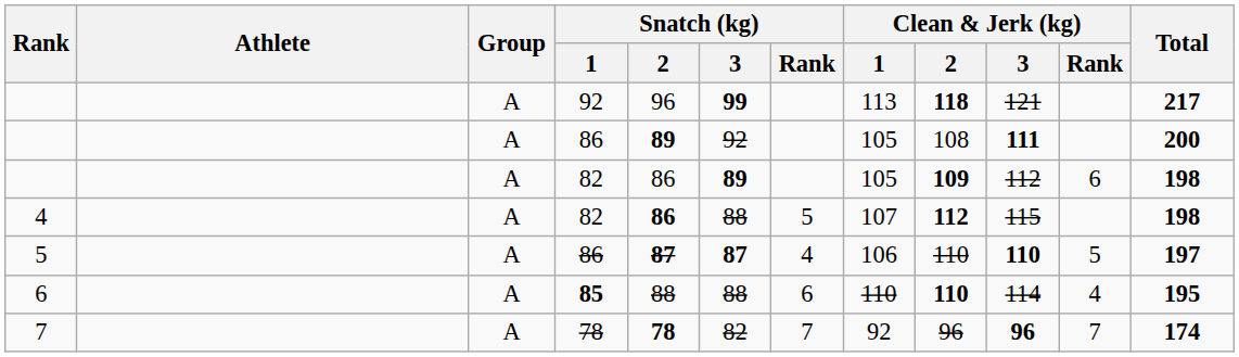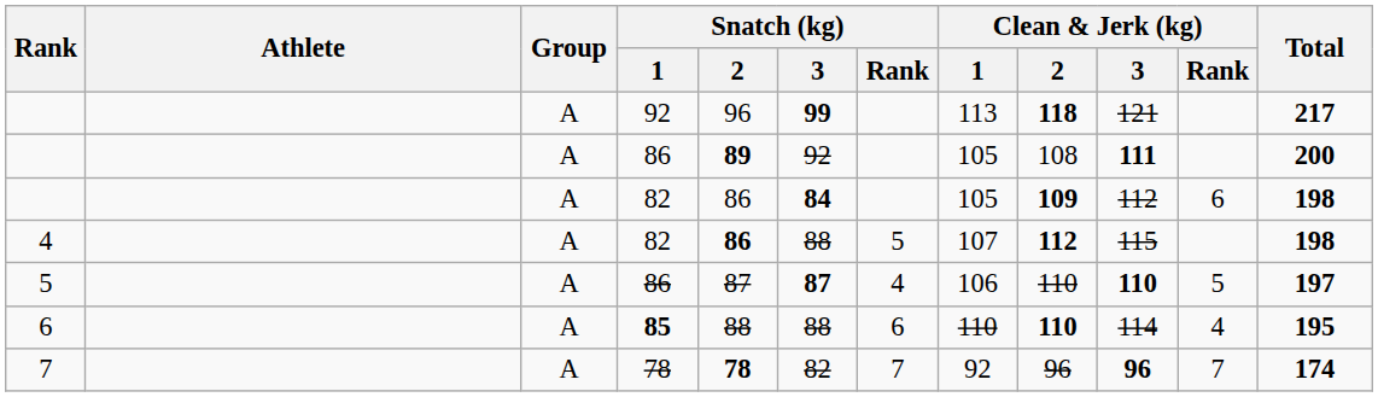 <table class = "wikitable" style="text-align:center;">
 <tr>
 <th rowspan=2 width=40>Rank</th>
 <th rowspan=2 width=250>Athlete</th>
 <th rowspan=2 width=50>Group</th>
 <th colspan=4>Snatch (kg)</th>
 <th colspan=4>Clean & Jerk (kg)</th>
 <th rowspan=2 width=60>Total</th>
 </tr>
 <tr>
 <th width=40>1</th>
 <th width=40>2</th>
 <th width=40>3</th>
 <th width=40>Rank</th>
 <th width=40>1</th>
 <th width=40>2</th>
 <th width=40>3</th>
 <th width=40>Rank</th>
 </tr>
 <tr>
 <td></td>
 <td align=left></td>
 <td>A</td>
 <td>92</td>
 <td>96</td>
 <td><strong>99</strong></td>
 <td></td>
 <td>113</td>
 <td><strong>118</strong></td>
 <td><s>121</s></td>
 <td></td>
 <td><strong>217</strong></td>
 </tr>
 <tr>
 <td></td>
 <td align=left></td>
 <td>A</td>
 <td>86</td>
 <td><strong>89</strong></td>
 <td><s>92</s></td>
 <td></td>
 <td>105</td>
 <td>108</td>
 <td><strong>111</strong></td>
 <td></td>
 <td><strong>200</strong></td>
 </tr>
 <tr>
 <td></td>
 <td align=left></td>
 <td>A</td>
 <td>82</td>
 <td>86</td>
-<td><strong>89</strong></td>
+<td><strong>84</strong></td>
 <td></td>
 <td>105</td>
 <td><strong>109</strong></td>
 <td><s>112</s></td>
 <td>6</td>
 <td><strong>198</strong></td>
 </tr>
 <tr>
 <td>4</td>
 <td align=left></td>
 <td>A</td>
 <td>82</td>
 <td><strong>86</strong></td>
 <td><s>88</s></td>
 <td>5</td>
 <td>107</td>
 <td><strong>112</strong></td>
 <td><s>115</s></td>
 <td></td>
 <td><strong>198</strong></td>
 </tr>
 <tr>
 <td>5</td>
 <td align=left></td>
 <td>A</td>
 <td><s>86</s></td>
-<td><strong><s>87</s></strong></td>
+<td><s>87</s></td>
 <td><strong>87</strong></td>
 <td>4</td>
 <td>106</td>
 <td><s>110</s></td>
 <td><strong>110</strong></td>
 <td>5</td>
 <td><strong>197</strong></td>
 </tr>
 <tr>
 <td>6</td>
 <td align=left></td>
 <td>A</td>
 <td><strong>85</strong></td>
 <td><s>88</s></td>
 <td><s>88</s></td>
 <td>6</td>
 <td><s>110</s></td>
 <td><strong>110</strong></td>
 <td><s>114</s></td>
 <td>4</td>
 <td><strong>195</strong></td>
 </tr>
 <tr>
 <td>7</td>
 <td align=left></td>
 <td>A</td>
 <td><s>78</s></td>
 <td><strong>78</strong></td>
 <td><s>82</s></td>
 <td>7</td>
 <td>92</td>
 <td><s>96</s></td>
 <td><strong>96</strong></td>
 <td>7</td>
 <td><strong>174</strong></td>
 </tr>
 </table>
